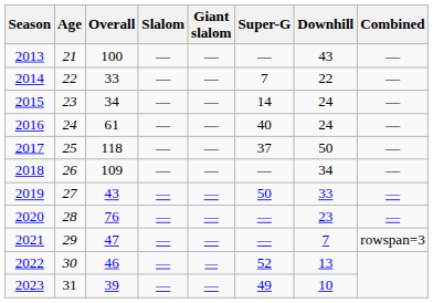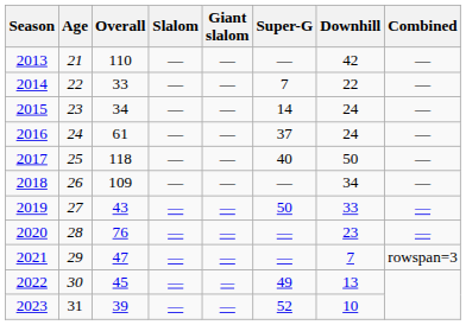 <table class="wikitable" style="text-align:center">
 <tr>
 <th>Season</th>
 <th>Age</th>
 <th>Overall</th>
 <th>Slalom</th>
 <th>Giant<br>slalom</th>
 <th>Super-G</th>
 <th>Downhill</th>
 <th>Combined</th>
 </tr>
 <tr>
 <td><a href='#'>2013</a></td>
 <td><em>21</em></td>
-<td>100</td>
+<td>110</td>
 <td>—</td>
 <td>—</td>
 <td>—</td>
-<td>43</td>
+<td>42</td>
 <td>—</td>
 </tr>
 <tr>
 <td><a href='#'>2014</a></td>
 <td><em>22</em></td>
 <td>33</td>
 <td>—</td>
 <td>—</td>
 <td>7</td>
 <td>22</td>
 <td>—</td>
 </tr>
 <tr>
 <td><a href='#'>2015</a></td>
 <td><em>23</em></td>
 <td>34</td>
 <td>—</td>
 <td>—</td>
 <td>14</td>
 <td>24</td>
 <td>—</td>
 </tr>
 <tr>
 <td><a href='#'>2016</a></td>
 <td><em>24</em></td>
 <td>61</td>
 <td>—</td>
 <td>—</td>
-<td>40</td>
+<td>37</td>
 <td>24</td>
 <td>—</td>
 </tr>
 <tr>
 <td><a href='#'>2017</a></td>
 <td><em>25</em></td>
 <td>118</td>
 <td>—</td>
 <td>—</td>
-<td>37</td>
+<td>40</td>
 <td>50</td>
 <td>—</td>
 </tr>
 <tr>
 <td><a href='#'>2018</a></td>
 <td><em>26</em></td>
 <td>109</td>
 <td>—</td>
 <td>—</td>
 <td>—</td>
 <td>34</td>
 <td>—</td>
 </tr>
 <tr>
 <td><a href='#'>2019</a></td>
 <td><em>27</em></td>
 <td><a href='#'>43</a></td>
 <td><a href='#'>—</a></td>
 <td><a href='#'>—</a></td>
 <td><a href='#'>50</a></td>
 <td><a href='#'>33</a></td>
 <td><a href='#'>—</a></td>
 </tr>
 <tr>
 <td><a href='#'>2020</a></td>
 <td><em>28</em></td>
 <td><a href='#'>76</a></td>
 <td><a href='#'>—</a></td>
 <td><a href='#'>—</a></td>
 <td><a href='#'>—</a></td>
 <td><a href='#'>23</a></td>
 <td><a href='#'>—</a></td>
 </tr>
 <tr>
 <td><a href='#'>2021</a></td>
 <td><em>29</em></td>
 <td><a href='#'>47</a></td>
 <td><a href='#'>—</a></td>
 <td><a href='#'>—</a></td>
 <td><a href='#'>—</a></td>
 <td><a href='#'>7</a></td>
 <td>rowspan=3 </td>
 </tr>
 <tr>
 <td><a href='#'>2022</a></td>
 <td><em>30</em></td>
-<td><a href='#'>46</a></td>
+<td><a href='#'>45</a></td>
 <td><a href='#'>—</a></td>
 <td><em><a href='#'>—</a></td>
-<td><a href='#'>52</a></td>
+<td></em><a href='#'>49</a><em></td>
 <td><a href='#'>13</a></td>
 </tr>
 <tr>
 <td><a href='#'>2023</a></td>
 <td></em>31<em></td>
 <td></em><a href='#'>39</a><em></td>
 <td><a href='#'>—</a></td>
 <td><a href='#'>—</a></td>
-<td></em><a href='#'>49</a><em></td>
+<td><a href='#'>52</a></td>
 <td></em><a href='#'>10</a><em></td>
 </tr>
 </table>
